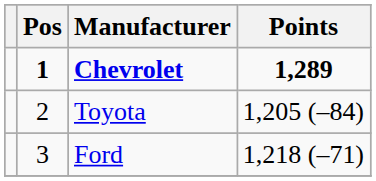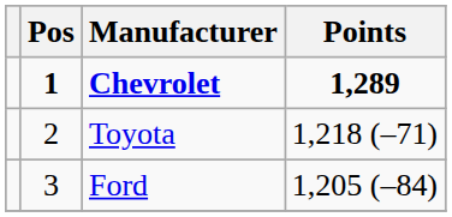 <table class="wikitable" style="font-size: 95%;">
 <tr>
 <th></th>
 <th>Pos</th>
 <th>Manufacturer</th>
 <th>Points</th>
 </tr>
 <tr>
 <td align="left"></td>
 <td style="text-align:center;"><strong>1</strong></td>
 <td><strong><a href='#'>Chevrolet</a></strong></td>
 <td style="text-align:center;"><strong>1,289</strong></td>
 </tr>
 <tr>
 <td align="left"></td>
 <td style="text-align:center;">2</td>
 <td><a href='#'>Toyota</a></td>
-<td style="text-align:center;">1,205 (–84)</td>
+<td style="text-align:center;">1,218 (–71)</td>
 </tr>
 <tr>
 <td align="left"></td>
 <td style="text-align:center;">3</td>
 <td><a href='#'>Ford</a></td>
-<td style="text-align:center;">1,218 (–71)</td>
+<td style="text-align:center;">1,205 (–84)</td>
 </tr>
 <tr class="sortbottom">
 </tr>
 </table>
